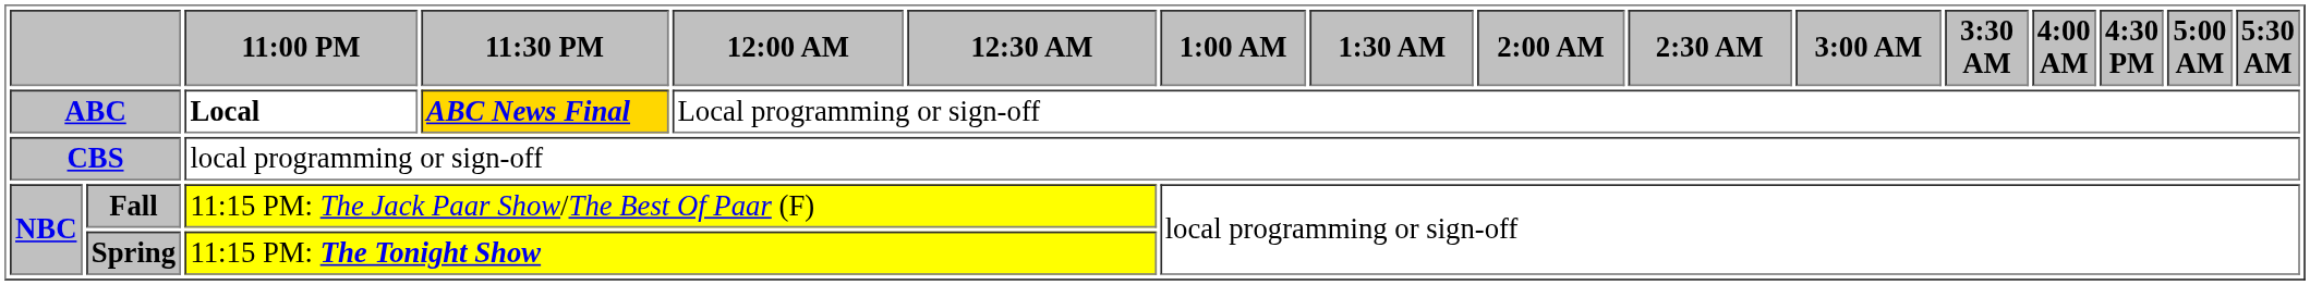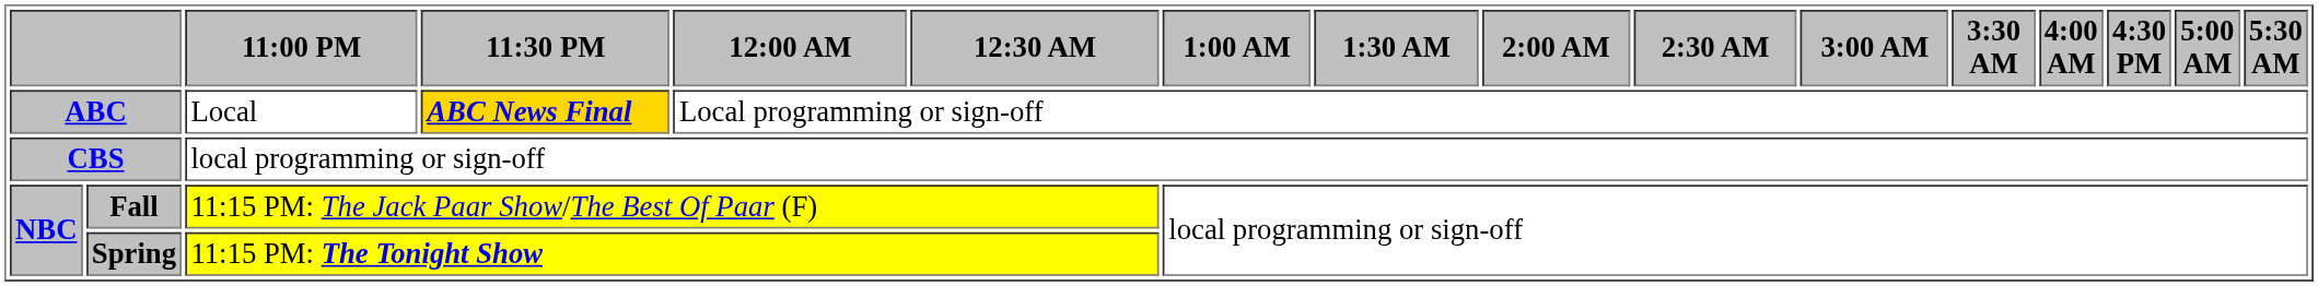 <table border="1" cellpadding="2">
 <tr>
 <th bgcolor="#C0C0C0"colspan="2"> </th>
 <th width="13%" bgcolor="#C0C0C0">11:00 PM</th>
 <th width="14%" bgcolor="#C0C0C0">11:30 PM</th>
 <th width="13%" bgcolor="#C0C0C0">12:00 AM</th>
 <th width="14%" bgcolor="#C0C0C0">12:30 AM</th>
 <th width="8%" bgcolor="#C0C0C0">1:00 AM</th>
 <th width="9%" bgcolor="#C0C0C0">1:30 AM</th>
 <th width="8%" bgcolor="#C0C0C0">2:00 AM</th>
 <th width="9%" bgcolor="#C0C0C0">2:30 AM</th>
 <th width="8%" bgcolor="#C0C0C0">3:00 AM</th>
 <th width="9%" bgcolor="#C0C0C0">3:30 AM</th>
 <th width="8%" bgcolor="#C0C0C0">4:00 AM</th>
 <th width="9%" bgcolor="#C0C0C0">4:30 PM</th>
 <th width="8%" bgcolor="#C0C0C0">5:00 AM</th>
 <th width="9%" bgcolor="#C0C0C0">5:30 AM</th>
 </tr>
 <tr>
 <th bgcolor="#C0C0C0"colspan="2"><a href='#'>ABC</a></th>
-<td bgcolor="white"><strong>Local</strong></td>
+<td bgcolor="white">Local</td>
 <td bgcolor="gold"><strong><a href='#'><em>ABC News Final</em></a></strong></td>
 <td bgcolor="white" colspan="12">Local programming or sign-off</td>
 </tr>
 <tr>
 <th bgcolor="#C0C0C0"colspan="2"><a href='#'>CBS</a></th>
 <td bgcolor="white" colspan="14">local programming or sign-off</td>
 </tr>
 <tr>
 <th bgcolor="#C0C0C0"rowspan="2"><a href='#'>NBC</a></th>
 <th bgcolor="#C0C0C0">Fall</th>
 <td bgcolor="yellow" colspan="4">11:15 PM: <em><a href='#'>The Jack Paar Show</a></em>/<a href='#'><em>The Best Of Paar</em></a> (F)</td>
 <td bgcolor="white" colspan="10"rowspan="2">local programming or sign-off</td>
 </tr>
 <tr>
 <th bgcolor="#C0C0C0">Spring</th>
 <td bgcolor="yellow" colspan="4">11:15 PM: <strong><em><a href='#'>The Tonight Show</a></em></strong></td>
 </tr>
 </table>
